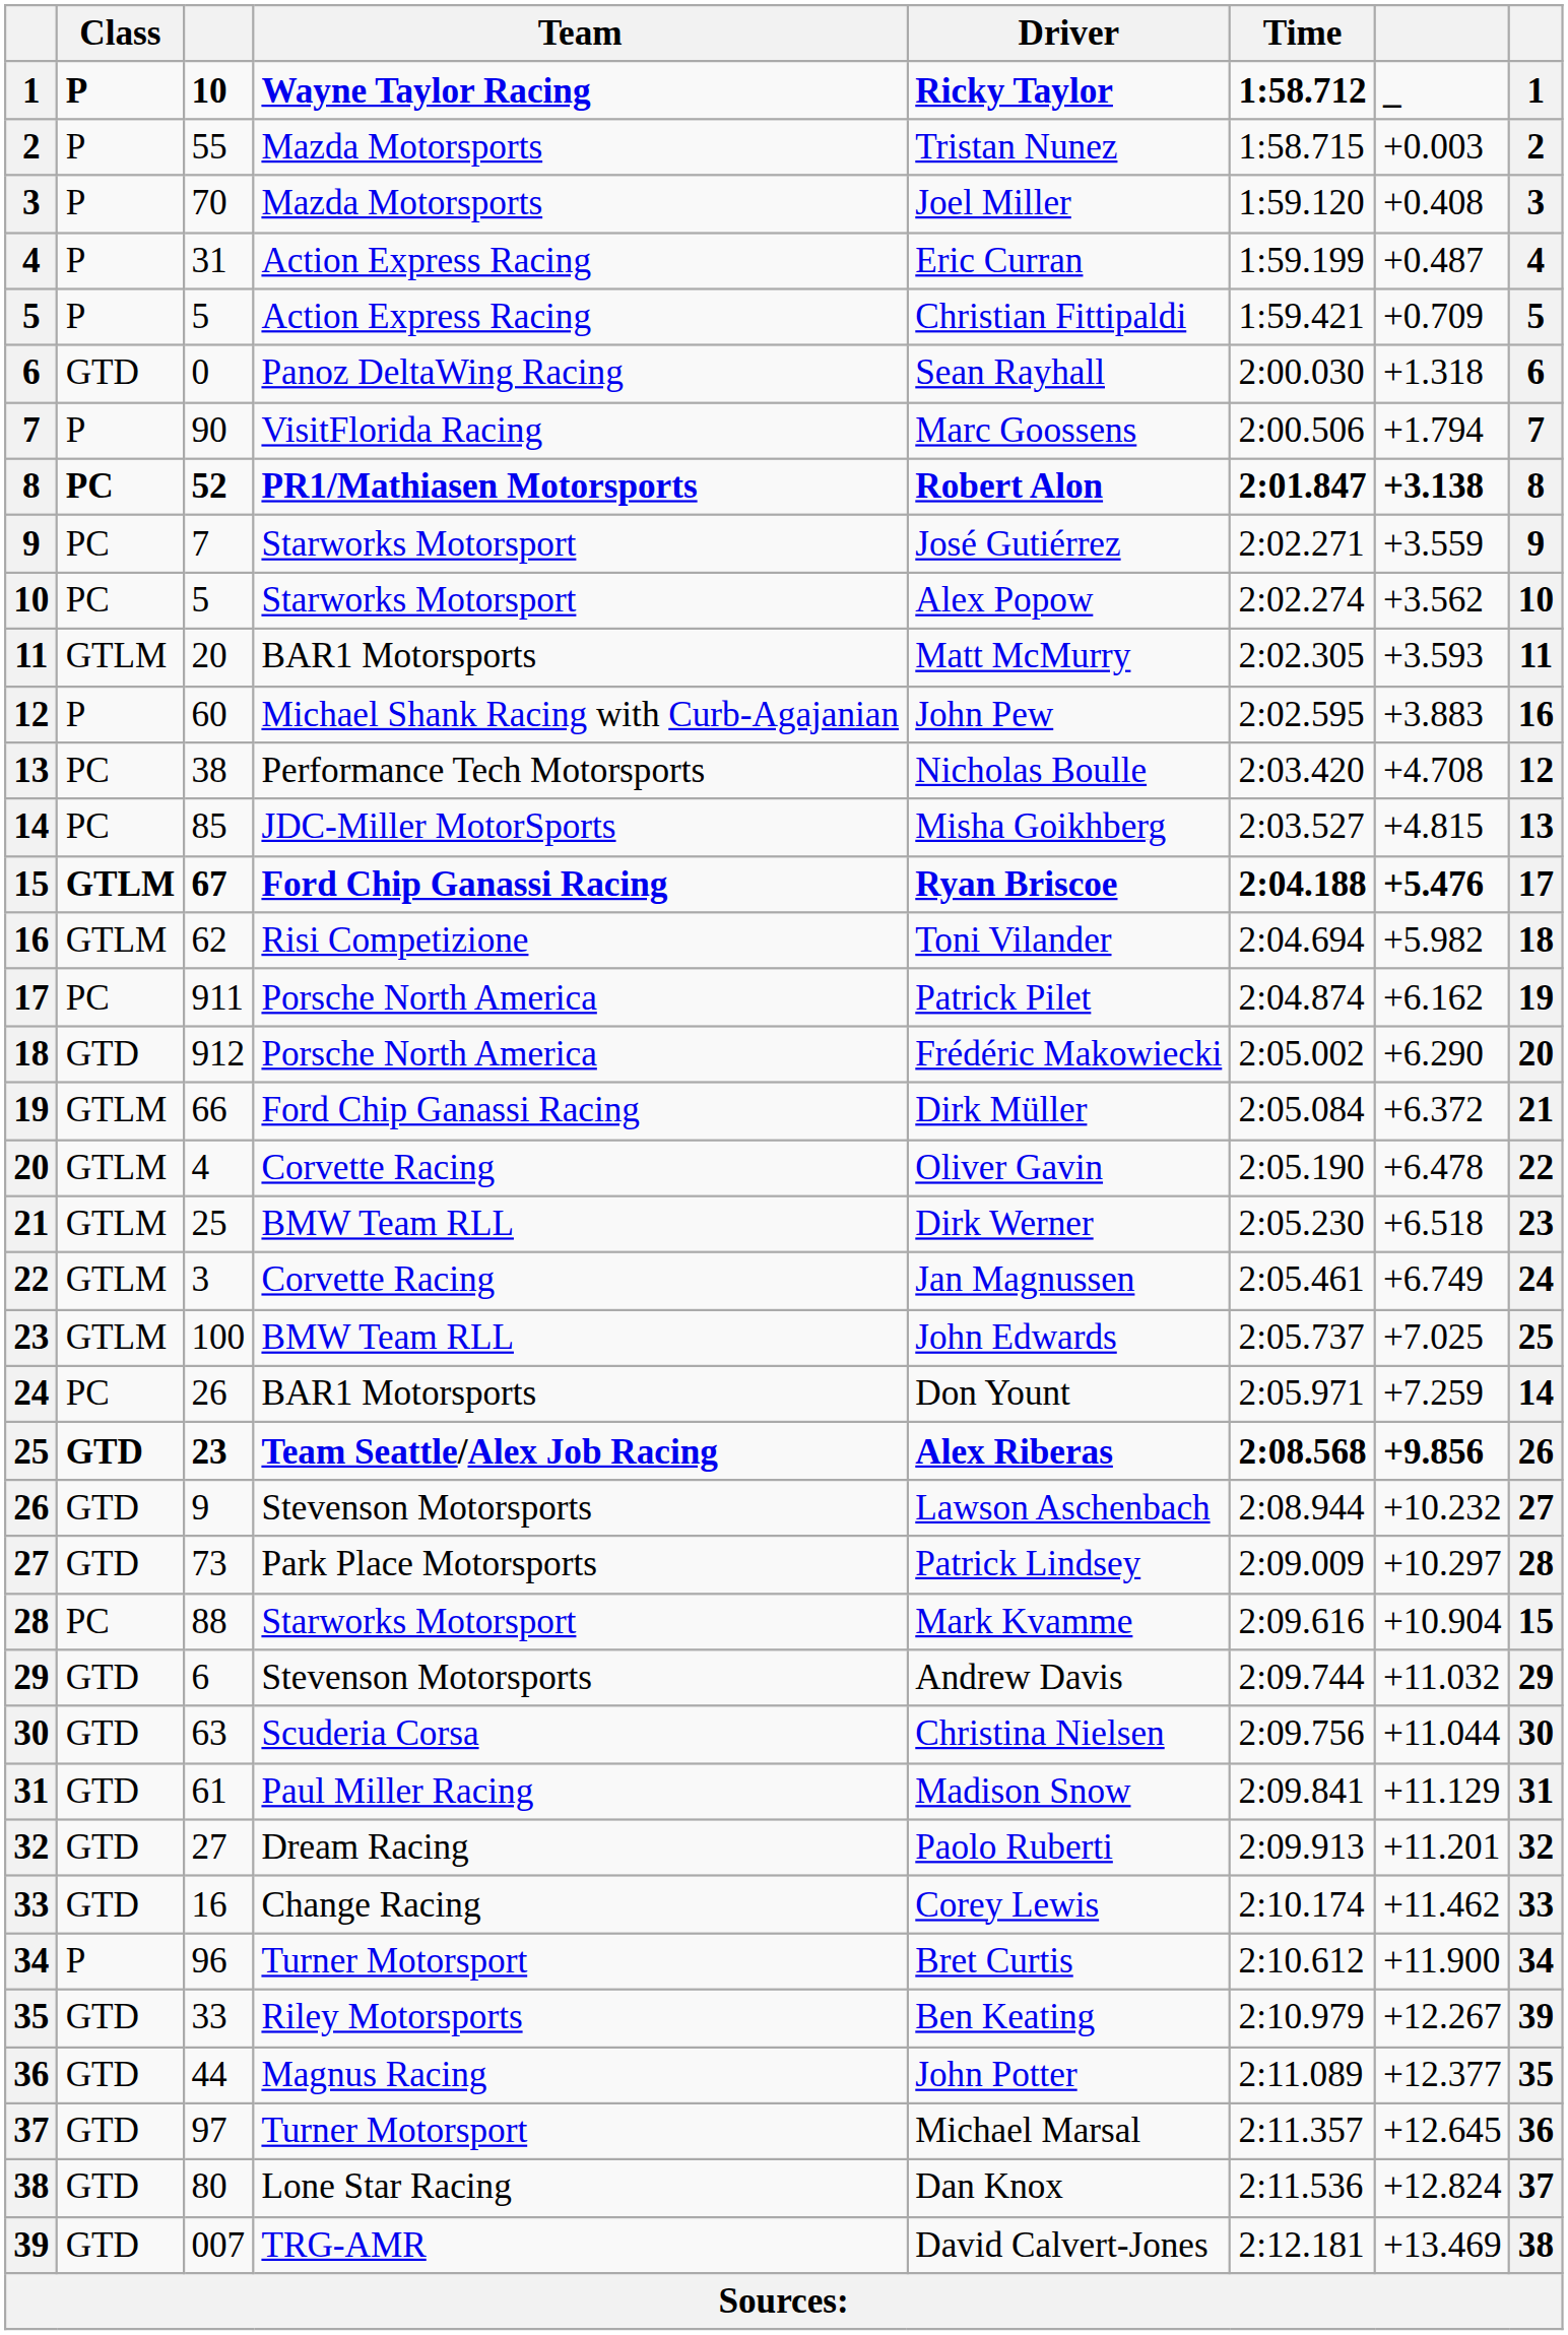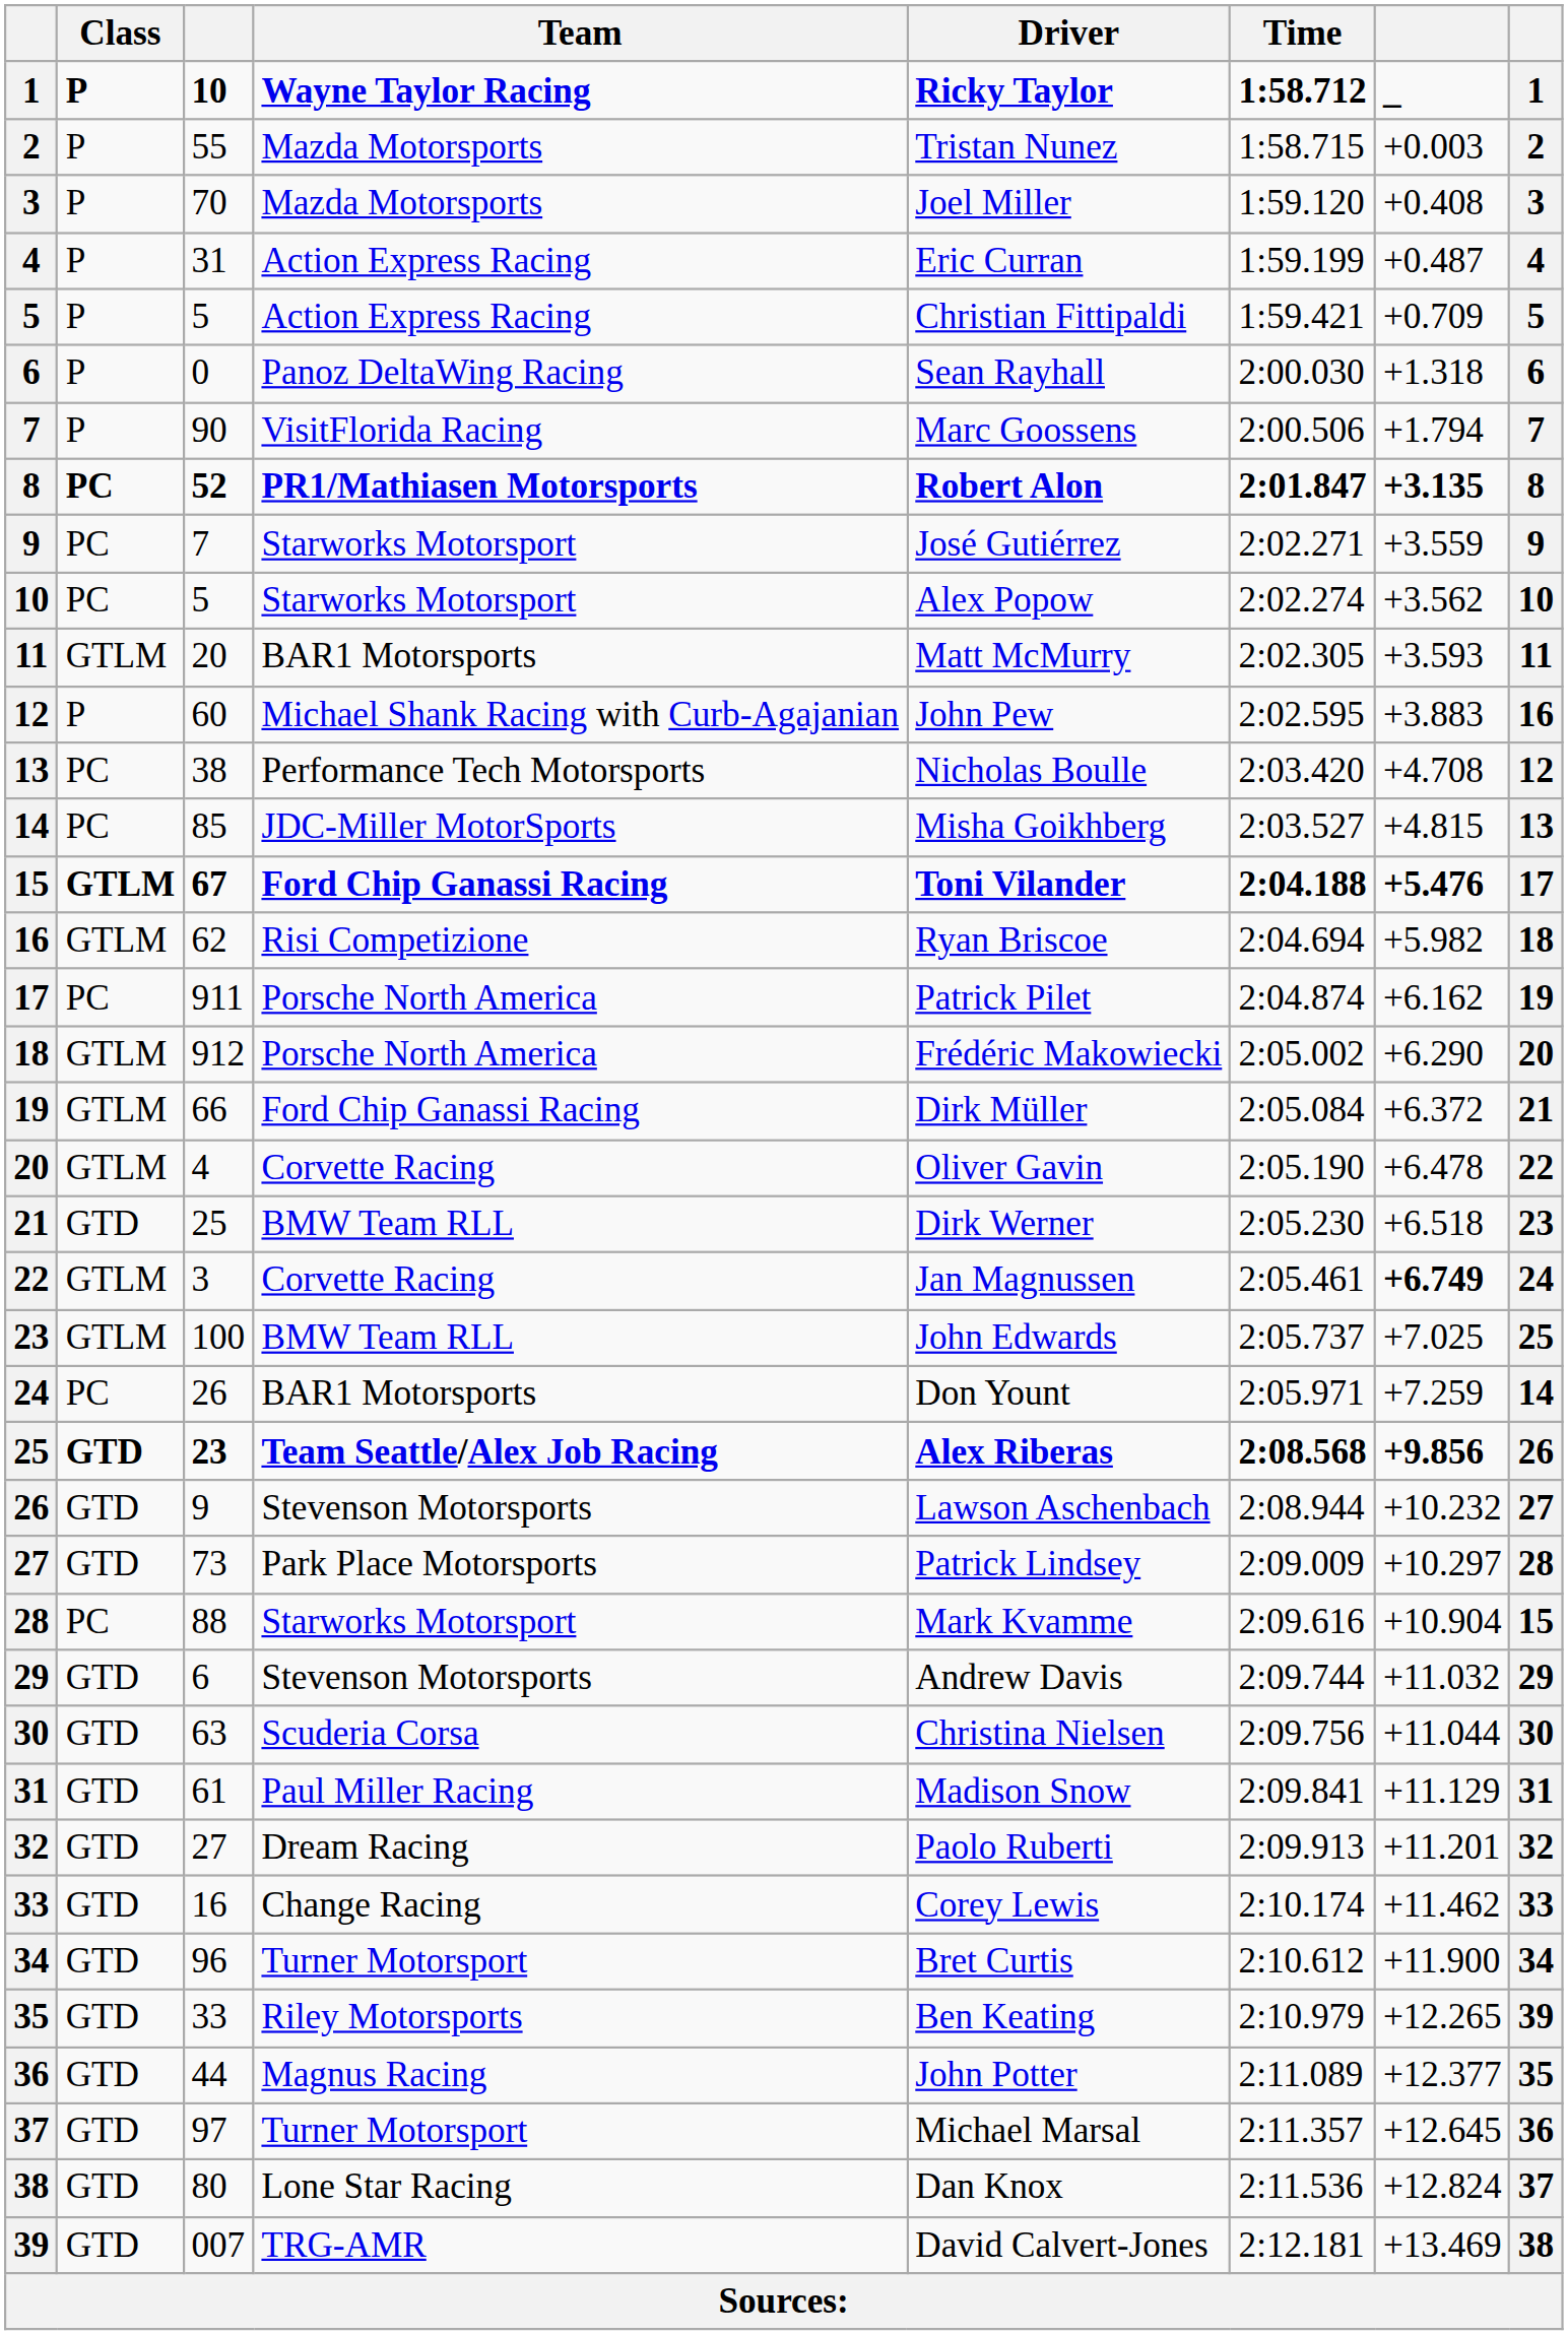 <table class="wikitable">
 <tr>
 <th></th>
 <th>Class</th>
 <th></th>
 <th>Team</th>
 <th>Driver</th>
 <th>Time</th>
 <th></th>
 <th></th>
 </tr>
 <tr style="font-weight:bold">
 <th>1</th>
 <td>P</td>
 <td>10</td>
 <td> <a href='#'>Wayne Taylor Racing</a></td>
 <td> <a href='#'>Ricky Taylor</a></td>
 <td>1:58.712</td>
 <td>_</td>
 <th>1</th>
 </tr>
 <tr>
 <th>2</th>
 <td>P</td>
 <td>55</td>
 <td> <a href='#'>Mazda Motorsports</a></td>
 <td> <a href='#'>Tristan Nunez</a></td>
 <td>1:58.715</td>
 <td>+0.003</td>
 <th>2</th>
 </tr>
 <tr>
 <th>3</th>
 <td>P</td>
 <td>70</td>
 <td> <a href='#'>Mazda Motorsports</a></td>
 <td> <a href='#'>Joel Miller</a></td>
 <td>1:59.120</td>
 <td>+0.408</td>
 <th>3</th>
 </tr>
 <tr>
 <th>4</th>
 <td>P</td>
 <td>31</td>
 <td> <a href='#'>Action Express Racing</a></td>
 <td> <a href='#'>Eric Curran</a></td>
 <td>1:59.199</td>
 <td>+0.487</td>
 <th>4</th>
 </tr>
 <tr>
 <th>5</th>
 <td>P</td>
 <td>5</td>
 <td> <a href='#'>Action Express Racing</a></td>
 <td> <a href='#'>Christian Fittipaldi</a></td>
 <td>1:59.421</td>
 <td>+0.709</td>
 <th>5</th>
 </tr>
 <tr>
 <th>6</th>
-<td>GTD</td>
+<td>P</td>
 <td>0</td>
 <td> <a href='#'>Panoz DeltaWing Racing</a></td>
 <td> <a href='#'>Sean Rayhall</a></td>
 <td>2:00.030</td>
 <td>+1.318</td>
 <th>6</th>
 </tr>
 <tr>
 <th>7</th>
 <td>P</td>
 <td>90</td>
 <td> <a href='#'>VisitFlorida Racing</a></td>
 <td> <a href='#'>Marc Goossens</a></td>
 <td>2:00.506</td>
 <td>+1.794</td>
 <th>7</th>
 </tr>
 <tr style="font-weight:bold">
 <th>8</th>
 <td>PC</td>
 <td>52</td>
 <td> <a href='#'>PR1/Mathiasen Motorsports</a></td>
 <td> <a href='#'>Robert Alon</a></td>
 <td>2:01.847</td>
-<td>+3.138</td>
+<td>+3.135</td>
 <th>8</th>
 </tr>
 <tr>
 <th>9</th>
 <td>PC</td>
 <td>7</td>
 <td> <a href='#'>Starworks Motorsport</a></td>
 <td> <a href='#'>José Gutiérrez</a></td>
 <td>2:02.271</td>
 <td>+3.559</td>
 <th>9</th>
 </tr>
 <tr>
 <th>10</th>
 <td>PC</td>
 <td>5</td>
 <td> <a href='#'>Starworks Motorsport</a></td>
 <td> <a href='#'>Alex Popow</a></td>
 <td>2:02.274</td>
 <td>+3.562</td>
 <th>10</th>
 </tr>
 <tr>
 <th>11</th>
 <td>GTLM</td>
 <td>20</td>
 <td> BAR1 Motorsports</td>
 <td> <a href='#'>Matt McMurry</a></td>
 <td>2:02.305</td>
 <td>+3.593</td>
 <th>11</th>
 </tr>
 <tr>
 <th>12</th>
 <td>P</td>
 <td>60</td>
 <td> <a href='#'>Michael Shank Racing</a> with <a href='#'>Curb-Agajanian</a></td>
 <td> <a href='#'>John Pew</a></td>
 <td>2:02.595</td>
 <td>+3.883</td>
 <th>16</th>
 </tr>
 <tr>
 <th>13</th>
 <td>PC</td>
 <td>38</td>
 <td> Performance Tech Motorsports</td>
 <td> <a href='#'>Nicholas Boulle</a></td>
 <td>2:03.420</td>
 <td>+4.708</td>
 <th>12</th>
 </tr>
 <tr>
 <th>14</th>
 <td>PC</td>
 <td>85</td>
 <td> <a href='#'>JDC-Miller MotorSports</a></td>
 <td> <a href='#'>Misha Goikhberg</a></td>
 <td>2:03.527</td>
 <td>+4.815</td>
 <th>13</th>
 </tr>
 <tr style="font-weight:bold">
 <th>15</th>
 <td>GTLM</td>
 <td>67</td>
 <td> <a href='#'>Ford Chip Ganassi Racing</a></td>
-<td> <a href='#'>Ryan Briscoe</a></td>
+<td> <a href='#'>Toni Vilander</a></td>
 <td>2:04.188</td>
 <td>+5.476</td>
 <th>17</th>
 </tr>
 <tr>
 <th>16</th>
 <td>GTLM</td>
 <td>62</td>
 <td> <a href='#'>Risi Competizione</a></td>
-<td> <a href='#'>Toni Vilander</a></td>
+<td> <a href='#'>Ryan Briscoe</a></td>
 <td>2:04.694</td>
 <td>+5.982</td>
 <th>18</th>
 </tr>
 <tr>
 <th>17</th>
 <td>PC</td>
 <td>911</td>
 <td> <a href='#'>Porsche North America</a></td>
 <td> <a href='#'>Patrick Pilet</a></td>
 <td>2:04.874</td>
 <td>+6.162</td>
 <th>19</th>
 </tr>
 <tr>
 <th>18</th>
-<td>GTD</td>
+<td>GTLM</td>
 <td>912</td>
 <td> <a href='#'>Porsche North America</a></td>
 <td> <a href='#'>Frédéric Makowiecki</a></td>
 <td>2:05.002</td>
 <td>+6.290</td>
 <th>20</th>
 </tr>
 <tr>
 <th>19</th>
 <td>GTLM</td>
 <td>66</td>
 <td> <a href='#'>Ford Chip Ganassi Racing</a></td>
 <td> <a href='#'>Dirk Müller</a></td>
 <td>2:05.084</td>
 <td>+6.372</td>
 <th>21</th>
 </tr>
 <tr>
 <th>20</th>
 <td>GTLM</td>
 <td>4</td>
 <td> <a href='#'>Corvette Racing</a></td>
 <td> <a href='#'>Oliver Gavin</a></td>
 <td>2:05.190</td>
 <td>+6.478</td>
 <th>22</th>
 </tr>
 <tr>
 <th>21</th>
-<td>GTLM</td>
+<td>GTD</td>
 <td>25</td>
 <td> <a href='#'>BMW Team RLL</a></td>
 <td> <a href='#'>Dirk Werner</a></td>
 <td>2:05.230</td>
 <td>+6.518</td>
 <th>23</th>
 </tr>
 <tr>
 <th>22</th>
 <td>GTLM</td>
 <td>3</td>
 <td> <a href='#'>Corvette Racing</a></td>
 <td> <a href='#'>Jan Magnussen</a></td>
 <td>2:05.461</td>
-<td>+6.749</td>
+<td><strong>+6.749</strong></td>
 <th>24</th>
 </tr>
 <tr>
 <th>23</th>
 <td>GTLM</td>
 <td>100</td>
 <td> <a href='#'>BMW Team RLL</a></td>
 <td> <a href='#'>John Edwards</a></td>
 <td>2:05.737</td>
 <td>+7.025</td>
 <th>25</th>
 </tr>
 <tr>
 <th>24</th>
 <td>PC</td>
 <td>26</td>
 <td> BAR1 Motorsports</td>
 <td> Don Yount</td>
 <td>2:05.971</td>
 <td>+7.259</td>
 <th>14</th>
 </tr>
 <tr style="font-weight:bold">
 <th>25</th>
 <td>GTD</td>
 <td>23</td>
 <td> <a href='#'>Team Seattle</a>/<a href='#'>Alex Job Racing</a></td>
 <td> <a href='#'>Alex Riberas</a></td>
 <td>2:08.568</td>
 <td>+9.856</td>
 <th>26</th>
 </tr>
 <tr>
 <th>26</th>
 <td>GTD</td>
 <td>9</td>
 <td> Stevenson Motorsports</td>
 <td> <a href='#'>Lawson Aschenbach</a></td>
 <td>2:08.944</td>
 <td>+10.232</td>
 <th>27</th>
 </tr>
 <tr>
 <th>27</th>
 <td>GTD</td>
 <td>73</td>
 <td> Park Place Motorsports</td>
 <td> <a href='#'>Patrick Lindsey</a></td>
 <td>2:09.009</td>
 <td>+10.297</td>
 <th>28</th>
 </tr>
 <tr>
 <th>28</th>
 <td>PC</td>
 <td>88</td>
 <td> <a href='#'>Starworks Motorsport</a></td>
 <td> <a href='#'>Mark Kvamme</a></td>
 <td>2:09.616</td>
 <td>+10.904</td>
 <th>15</th>
 </tr>
 <tr>
 <th>29</th>
 <td>GTD</td>
 <td>6</td>
 <td> Stevenson Motorsports</td>
 <td> Andrew Davis</td>
 <td>2:09.744</td>
 <td>+11.032</td>
 <th>29</th>
 </tr>
 <tr>
 <th>30</th>
 <td>GTD</td>
 <td>63</td>
 <td> <a href='#'>Scuderia Corsa</a></td>
 <td> <a href='#'>Christina Nielsen</a></td>
 <td>2:09.756</td>
 <td>+11.044</td>
 <th>30</th>
 </tr>
 <tr>
 <th>31</th>
 <td>GTD</td>
 <td>61</td>
 <td> <a href='#'>Paul Miller Racing</a></td>
 <td> <a href='#'>Madison Snow</a></td>
 <td>2:09.841</td>
 <td>+11.129</td>
 <th>31</th>
 </tr>
 <tr>
 <th>32</th>
 <td>GTD</td>
 <td>27</td>
 <td> Dream Racing</td>
 <td> <a href='#'>Paolo Ruberti</a></td>
 <td>2:09.913</td>
 <td>+11.201</td>
 <th>32</th>
 </tr>
 <tr>
 <th>33</th>
 <td>GTD</td>
 <td>16</td>
 <td> Change Racing</td>
 <td> <a href='#'>Corey Lewis</a></td>
 <td>2:10.174</td>
 <td>+11.462</td>
 <th>33</th>
 </tr>
 <tr>
 <th>34</th>
-<td>P</td>
+<td>GTD</td>
 <td>96</td>
 <td> <a href='#'>Turner Motorsport</a></td>
 <td> <a href='#'>Bret Curtis</a></td>
 <td>2:10.612</td>
 <td>+11.900</td>
 <th>34</th>
 </tr>
 <tr>
 <th>35</th>
 <td>GTD</td>
 <td>33</td>
 <td> <a href='#'>Riley Motorsports</a></td>
 <td> <a href='#'>Ben Keating</a></td>
 <td>2:10.979</td>
-<td>+12.267</td>
+<td>+12.265</td>
 <th>39</th>
 </tr>
 <tr>
 <th>36</th>
 <td>GTD</td>
 <td>44</td>
 <td> <a href='#'>Magnus Racing</a></td>
 <td> <a href='#'>John Potter</a></td>
 <td>2:11.089</td>
 <td>+12.377</td>
 <th>35</th>
 </tr>
 <tr>
 <th>37</th>
 <td>GTD</td>
 <td>97</td>
 <td> <a href='#'>Turner Motorsport</a></td>
 <td> Michael Marsal</td>
 <td>2:11.357</td>
 <td>+12.645</td>
 <th>36</th>
 </tr>
 <tr>
 <th>38</th>
 <td>GTD</td>
 <td>80</td>
 <td> Lone Star Racing</td>
 <td> Dan Knox</td>
 <td>2:11.536</td>
 <td>+12.824</td>
 <th>37</th>
 </tr>
 <tr>
 <th>39</th>
 <td>GTD</td>
 <td>007</td>
 <td> <a href='#'>TRG-AMR</a></td>
 <td> David Calvert-Jones</td>
 <td>2:12.181</td>
 <td>+13.469</td>
 <th>38</th>
 </tr>
 <tr>
 <th colspan="8">Sources:</th>
 </tr>
 </table>
